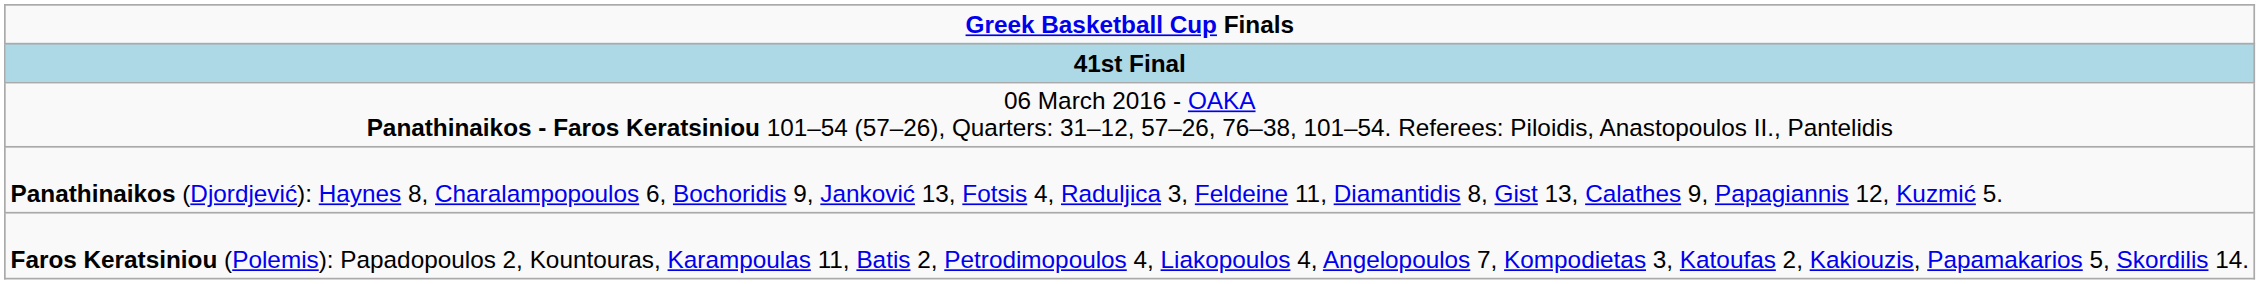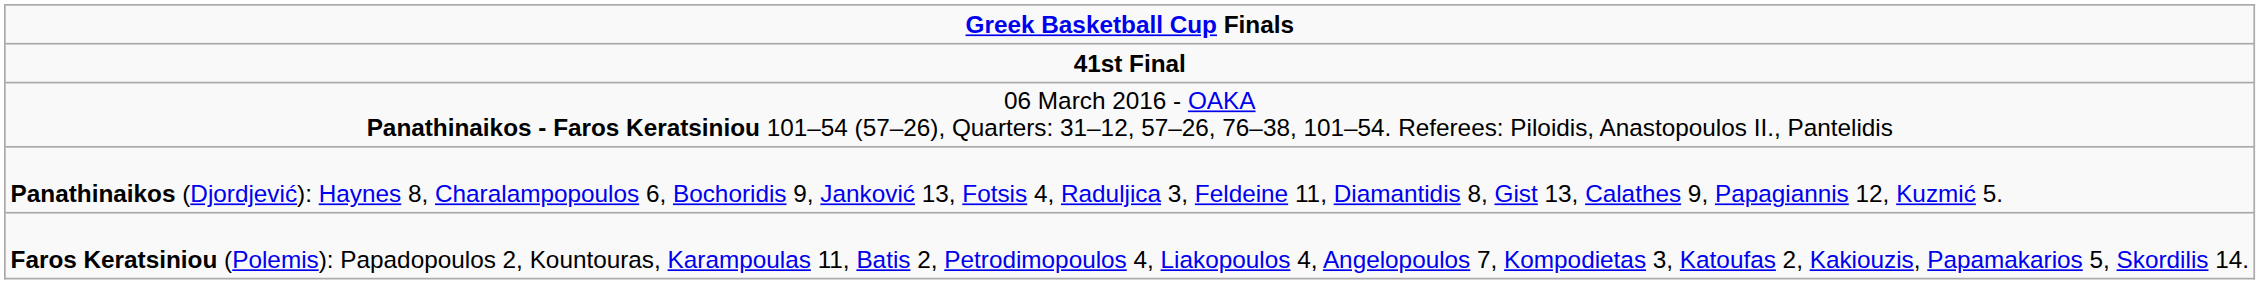 <table class="wikitable" style="font-size:90%;">
 <tr>
 <td align="center"><strong> <a href='#'>Greek Basketball Cup</a> Finals</strong></td>
 </tr>
 <tr>
-<td align="center" style="background: lightblue;"><strong> 41st Final </strong></td>
+<td align="center"><strong> 41st Final </strong></td>
 </tr>
 <tr>
 <td align="center">06 March 2016 - <a href='#'>OAKA</a><br><strong>Panathinaikos - Faros Keratsiniou</strong> 101–54 (57–26), Quarters: 31–12, 57–26, 76–38, 101–54.  Referees: Piloidis, Anastopoulos II., Pantelidis</td>
 </tr>
 <tr>
 <td><br><strong>Panathinaikos</strong> (<a href='#'>Djordjević</a>): <a href='#'>Haynes</a> 8, <a href='#'>Charalampopoulos</a> 6, <a href='#'>Bochoridis</a> 9, <a href='#'>Janković</a> 13, <a href='#'>Fotsis</a> 4, <a href='#'>Raduljica</a> 3, <a href='#'>Feldeine</a> 11, <a href='#'>Diamantidis</a> 8, <a href='#'>Gist</a> 13, <a href='#'>Calathes</a> 9, <a href='#'>Papagiannis</a> 12, <a href='#'>Kuzmić</a> 5.</td>
 </tr>
 <tr>
 <td><br><strong>Faros Keratsiniou</strong> (<a href='#'>Polemis</a>): Papadopoulos 2, Kountouras, <a href='#'>Karampoulas</a> 11, <a href='#'>Batis</a> 2, <a href='#'>Petrodimopoulos</a> 4, <a href='#'>Liakopoulos</a> 4, <a href='#'>Angelopoulos</a> 7, <a href='#'>Kompodietas</a> 3, <a href='#'>Katoufas</a> 2, <a href='#'>Kakiouzis</a>, <a href='#'>Papamakarios</a> 5, <a href='#'>Skordilis</a> 14.</td>
 </tr>
 </table>
